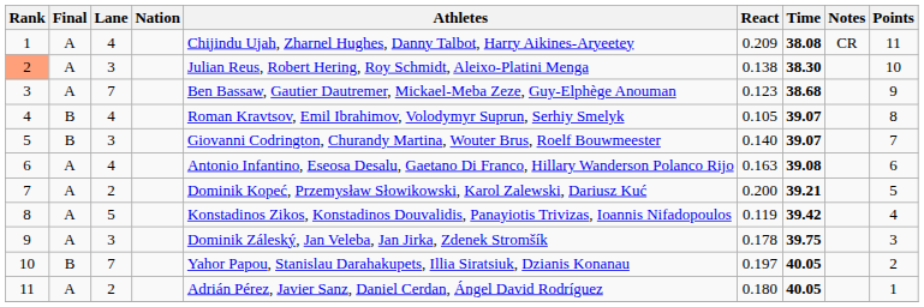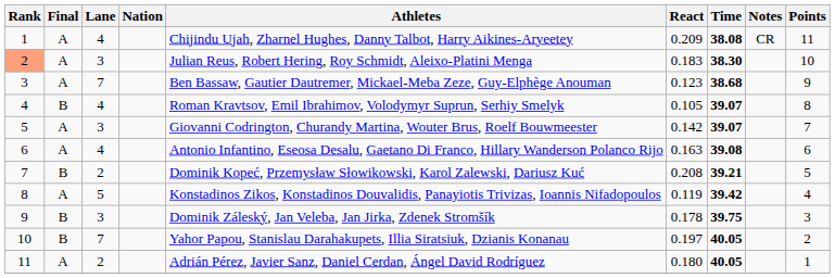 <table class="wikitable sortable" style="text-align:center">
 <tr>
 <th>Rank</th>
 <th>Final</th>
 <th>Lane</th>
 <th>Nation</th>
 <th>Athletes</th>
 <th>React</th>
 <th>Time</th>
 <th>Notes</th>
 <th>Points</th>
 </tr>
 <tr>
 <td>1</td>
 <td>A</td>
 <td>4</td>
 <td align=left></td>
 <td align=left><a href='#'>Chijindu Ujah</a>, <a href='#'>Zharnel Hughes</a>, <a href='#'>Danny Talbot</a>, <a href='#'>Harry Aikines-Aryeetey</a></td>
 <td>0.209</td>
 <td><strong>38.08</strong></td>
 <td>CR</td>
 <td>11</td>
 </tr>
 <tr>
 <td style="background: lightsalmon;">2</td>
 <td>A</td>
 <td>3</td>
 <td align=left></td>
 <td align=left><a href='#'>Julian Reus</a>, <a href='#'>Robert Hering</a>, <a href='#'>Roy Schmidt</a>, <a href='#'>Aleixo-Platini Menga</a></td>
-<td>0.138</td>
+<td>0.183</td>
 <td><strong>38.30</strong></td>
 <td></td>
 <td>10</td>
 </tr>
 <tr>
 <td>3</td>
 <td>A</td>
 <td>7</td>
 <td align=left></td>
 <td align=left><a href='#'>Ben Bassaw</a>, <a href='#'>Gautier Dautremer</a>, <a href='#'>Mickael-Meba Zeze</a>, <a href='#'>Guy-Elphège Anouman</a></td>
 <td>0.123</td>
 <td><strong>38.68</strong></td>
 <td></td>
 <td>9</td>
 </tr>
 <tr>
 <td>4</td>
 <td>B</td>
 <td>4</td>
 <td align=left></td>
 <td align=left><a href='#'>Roman Kravtsov</a>, <a href='#'>Emil Ibrahimov</a>, <a href='#'>Volodymyr Suprun</a>, <a href='#'>Serhiy Smelyk</a></td>
 <td>0.105</td>
 <td><strong>39.07</strong></td>
 <td></td>
 <td>8</td>
 </tr>
 <tr>
 <td>5</td>
-<td>B</td>
+<td>A</td>
 <td>3</td>
 <td align=left></td>
 <td align=left><a href='#'>Giovanni Codrington</a>, <a href='#'>Churandy Martina</a>, <a href='#'>Wouter Brus</a>, <a href='#'>Roelf Bouwmeester</a></td>
-<td>0.140</td>
+<td>0.142</td>
 <td><strong>39.07</strong></td>
 <td></td>
 <td>7</td>
 </tr>
 <tr>
 <td>6</td>
 <td>A</td>
 <td>4</td>
 <td align=left></td>
 <td align=left><a href='#'>Antonio Infantino</a>, <a href='#'>Eseosa Desalu</a>, <a href='#'>Gaetano Di Franco</a>, <a href='#'>Hillary Wanderson Polanco Rijo</a></td>
 <td>0.163</td>
 <td><strong>39.08</strong></td>
 <td></td>
 <td>6</td>
 </tr>
 <tr>
 <td>7</td>
-<td>A</td>
+<td>B</td>
 <td>2</td>
 <td align=left></td>
 <td align=left><a href='#'>Dominik Kopeć</a>, <a href='#'>Przemysław Słowikowski</a>, <a href='#'>Karol Zalewski</a>, <a href='#'>Dariusz Kuć</a></td>
-<td>0.200</td>
+<td>0.208</td>
 <td><strong>39.21</strong></td>
 <td></td>
 <td>5</td>
 </tr>
 <tr>
 <td>8</td>
 <td>A</td>
 <td>5</td>
 <td align=left></td>
 <td align=left><a href='#'>Konstadinos Zikos</a>, <a href='#'>Konstadinos Douvalidis</a>, <a href='#'>Panayiotis Trivizas</a>, <a href='#'>Ioannis Nifadopoulos</a></td>
 <td>0.119</td>
 <td><strong>39.42</strong></td>
 <td></td>
 <td>4</td>
 </tr>
 <tr>
 <td>9</td>
-<td>A</td>
+<td>B</td>
 <td>3</td>
 <td align=left></td>
 <td align=left><a href='#'>Dominik Záleský</a>, <a href='#'>Jan Veleba</a>, <a href='#'>Jan Jirka</a>, <a href='#'>Zdenek Stromšík</a></td>
 <td>0.178</td>
 <td><strong>39.75</strong></td>
 <td></td>
 <td>3</td>
 </tr>
 <tr>
 <td>10</td>
 <td>B</td>
 <td>7</td>
 <td align=left></td>
 <td align=left><a href='#'>Yahor Papou</a>, <a href='#'>Stanislau Darahakupets</a>, <a href='#'>Illia Siratsiuk</a>, <a href='#'>Dzianis Konanau</a></td>
 <td>0.197</td>
 <td><strong>40.05</strong></td>
 <td></td>
 <td>2</td>
 </tr>
 <tr>
 <td>11</td>
 <td>A</td>
 <td>2</td>
 <td align=left></td>
 <td align=left><a href='#'>Adrián Pérez</a>, <a href='#'>Javier Sanz</a>, <a href='#'>Daniel Cerdan</a>, <a href='#'>Ángel David Rodríguez</a></td>
 <td>0.180</td>
 <td><strong>40.05</strong></td>
 <td></td>
 <td>1</td>
 </tr>
 <tr>
 </tr>
 </table>
